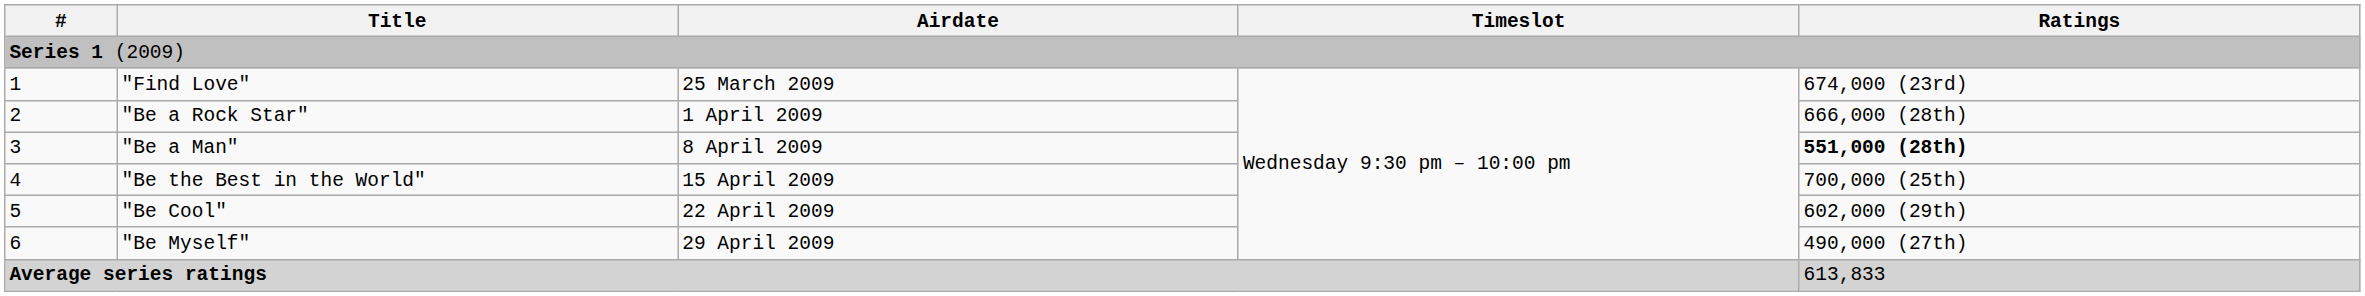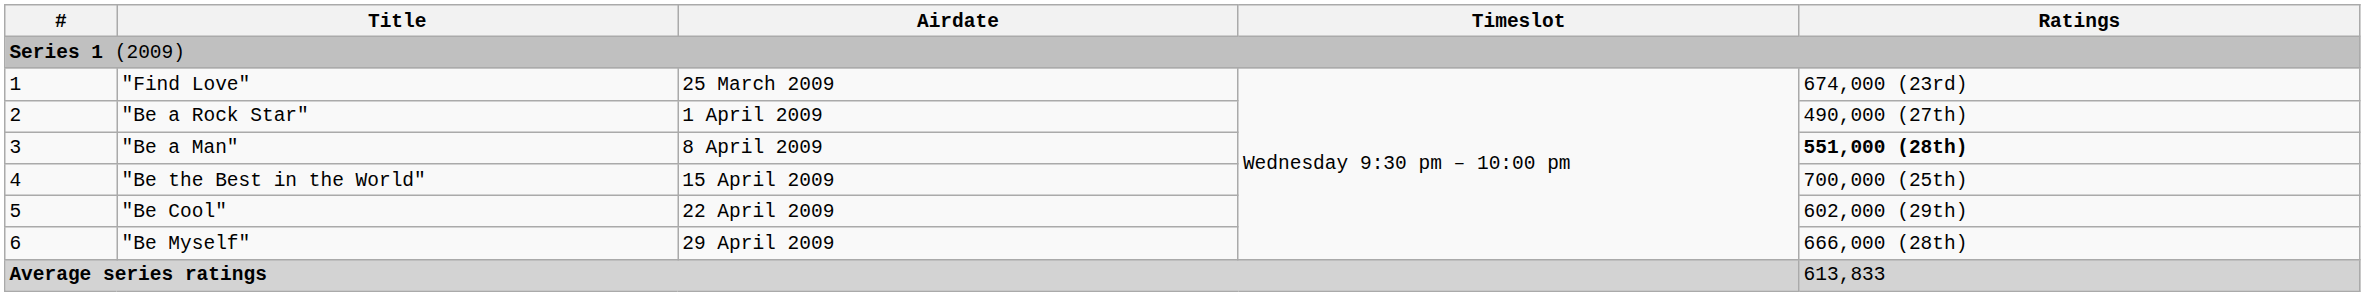 <table class="wikitable" style="text-align:center'">
 <tr>
 <th width=2%>#</th>
 <th width=10%>Title</th>
 <th width=10%>Airdate</th>
 <th width=10%>Timeslot</th>
 <th width=10%>Ratings</th>
 </tr>
 <tr bgcolor="silver">
 <td colspan=5><strong>Series 1</strong> (2009)</td>
 </tr>
 <tr>
 <td>1</td>
 <td align=left>"Find Love"</td>
 <td>25 March 2009</td>
 <td rowspan=6>Wednesday 9:30 pm – 10:00 pm</td>
 <td>674,000 (23rd)</td>
 </tr>
 <tr>
 <td>2</td>
 <td align=left>"Be a Rock Star"</td>
 <td>1 April 2009</td>
-<td>666,000 (28th)</td>
+<td>490,000 (27th)</td>
 </tr>
 <tr>
 <td>3</td>
 <td align=left>"Be a Man"</td>
 <td>8 April 2009</td>
 <td><strong>551,000 (28th)</strong></td>
 </tr>
 <tr>
 <td>4</td>
 <td align=left>"Be the Best in the World"</td>
 <td>15 April 2009</td>
 <td>700,000 (25th)</td>
 </tr>
 <tr>
 <td>5</td>
 <td align=left>"Be Cool"</td>
 <td>22 April 2009</td>
 <td>602,000 (29th)</td>
 </tr>
 <tr>
 <td>6</td>
 <td align=left>"Be Myself"</td>
 <td>29 April 2009</td>
-<td>490,000 (27th)</td>
+<td>666,000 (28th)</td>
 </tr>
 <tr bgcolor="#D3D3D3">
 <td colspan=4><strong>Average series ratings</strong></td>
 <td>613,833</td>
 </tr>
 </table>
